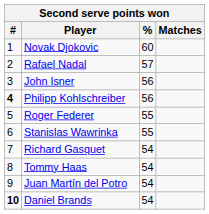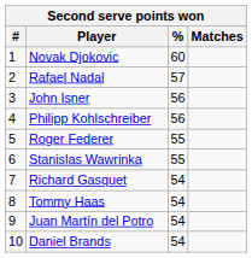 <table class="wikitable sortable" style=font-size:90%>
 <tr>
 <th colspan=4>Second serve points won</th>
 </tr>
 <tr>
 <th>#</th>
 <th width=150>Player</th>
 <th>%</th>
 <th>Matches</th>
 </tr>
 <tr bgcolor=>
 <td>1</td>
 <td> <a href='#'>Novak Djokovic</a></td>
 <td>60</td>
 <td></td>
 </tr>
 <tr>
 <td>2</td>
 <td> <a href='#'>Rafael Nadal</a></td>
 <td>57</td>
 <td></td>
 </tr>
 <tr bgcolor=>
 <td>3</td>
 <td> <a href='#'>John Isner</a></td>
 <td>56</td>
 <td></td>
 </tr>
 <tr>
-<td><strong>4</strong></td>
+<td>4</td>
 <td> <a href='#'>Philipp Kohlschreiber</a></td>
 <td>56</td>
 <td></td>
 </tr>
 <tr bgcolor=>
 <td>5</td>
 <td> <a href='#'>Roger Federer</a></td>
 <td>55</td>
 <td></td>
 </tr>
 <tr>
 <td>6</td>
 <td> <a href='#'>Stanislas Wawrinka</a></td>
 <td>55</td>
 <td></td>
 </tr>
 <tr bgcolor=>
 <td>7</td>
 <td> <a href='#'>Richard Gasquet</a></td>
 <td>54</td>
 <td></td>
 </tr>
 <tr>
 <td>8</td>
 <td> <a href='#'>Tommy Haas</a></td>
 <td>54</td>
 <td></td>
 </tr>
 <tr bgcolor=>
 <td>9</td>
 <td> <a href='#'>Juan Martín del Potro</a></td>
 <td>54</td>
 <td></td>
 </tr>
 <tr>
-<td><strong>10</strong></td>
+<td>10</td>
 <td> <a href='#'>Daniel Brands</a></td>
 <td>54</td>
 <td></td>
 </tr>
 </table>
